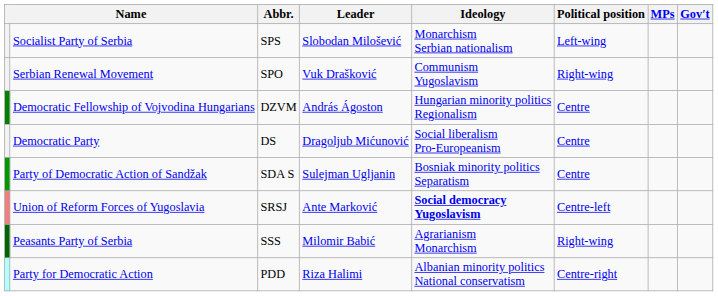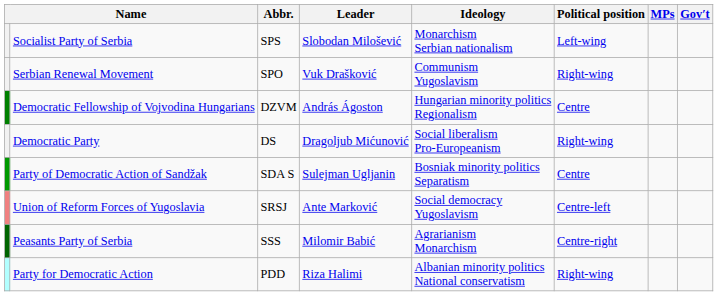 <table class="wikitable">
 <tr>
 <th colspan=2>Name</th>
 <th>Abbr.</th>
 <th>Leader</th>
 <th>Ideology</th>
 <th>Political position</th>
 <th><a href='#'>MPs</a></th>
 <th><a href='#'>Gov′t</a></th>
 </tr>
 <tr>
 <th style="background-color: "></th>
 <td><a href='#'>Socialist Party of Serbia</a><br><small><em></em></small></td>
 <td>SPS</td>
 <td><a href='#'>Slobodan Milošević</a></td>
 <td><a href='#'>Monarchism</a><br><a href='#'>Serbian nationalism</a></td>
 <td><a href='#'>Left-wing</a></td>
 <td></td>
 <td></td>
 </tr>
 <tr>
 <th style="background-color: "></th>
 <td><a href='#'>Serbian Renewal Movement</a><br><small><em></em></small></td>
 <td>SPO</td>
 <td><a href='#'>Vuk Drašković</a></td>
 <td><a href='#'>Communism</a><br><a href='#'>Yugoslavism</a></td>
 <td><a href='#'>Right-wing</a></td>
 <td></td>
 <td></td>
 </tr>
 <tr>
 <th style="background-color: green; color:white;"></th>
 <td><a href='#'>Democratic Fellowship of Vojvodina Hungarians</a><br><small><em></em></small></td>
 <td>DZVM</td>
 <td><a href='#'>András Ágoston</a></td>
 <td><a href='#'>Hungarian minority politics</a><br><a href='#'>Regionalism</a></td>
 <td><a href='#'>Centre</a></td>
 <td></td>
 <td></td>
 </tr>
 <tr>
 <th style="background-color: "></th>
 <td><a href='#'>Democratic Party</a><br><small><em></em></small></td>
 <td>DS</td>
 <td><a href='#'>Dragoljub Mićunović</a></td>
 <td><a href='#'>Social liberalism</a><br><a href='#'>Pro-Europeanism</a></td>
-<td><a href='#'>Centre</a></td>
+<td><a href='#'>Right-wing</a></td>
 <td></td>
 <td></td>
 </tr>
 <tr>
 <th style="background-color: #009900; color:white;"></th>
 <td><a href='#'>Party of Democratic Action of Sandžak</a><br><small><em></em></small></td>
 <td>SDA S</td>
 <td><a href='#'>Sulejman Ugljanin</a></td>
 <td><a href='#'>Bosniak minority politics</a><br><a href='#'>Separatism</a></td>
 <td><a href='#'>Centre</a></td>
 <td></td>
 <td></td>
 </tr>
 <tr>
 <th style="background-color: lightcoral; color:white;"></th>
 <td><a href='#'>Union of Reform Forces of Yugoslavia</a><br><small><em></em></small></td>
 <td>SRSJ</td>
 <td><a href='#'>Ante Marković</a></td>
-<td><strong><a href='#'>Social democracy</a><br><a href='#'>Yugoslavism</a></strong></td>
+<td><a href='#'>Social democracy</a><br><a href='#'>Yugoslavism</a></td>
 <td><a href='#'>Centre-left</a></td>
 <td></td>
 <td></td>
 </tr>
 <tr>
 <th style="background-color: darkgreen; color:white;"></th>
 <td><a href='#'>Peasants Party of Serbia</a><br><small><em></em></small></td>
 <td>SSS</td>
 <td><a href='#'>Milomir Babić</a></td>
 <td><a href='#'>Agrarianism</a><br><a href='#'>Monarchism</a></td>
-<td><a href='#'>Right-wing</a></td>
+<td><a href='#'>Centre-right</a></td>
 <td></td>
 <td></td>
 </tr>
 <tr>
 <th style="background-color: #B2FFFF; color:white;"></th>
 <td><a href='#'>Party for Democratic Action</a><br><small><em></em></small></td>
 <td>PDD</td>
 <td><a href='#'>Riza Halimi</a></td>
 <td><a href='#'>Albanian minority politics</a><br><a href='#'>National conservatism</a></td>
-<td><a href='#'>Centre-right</a></td>
+<td><a href='#'>Right-wing</a></td>
 <td></td>
 <td></td>
 </tr>
 </table>
